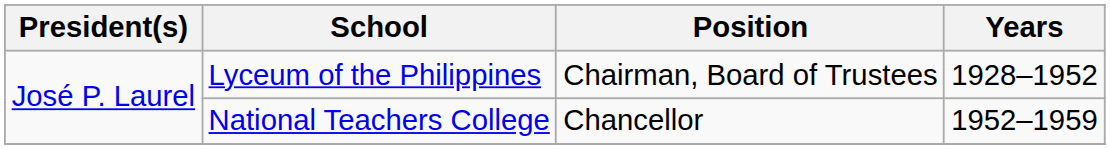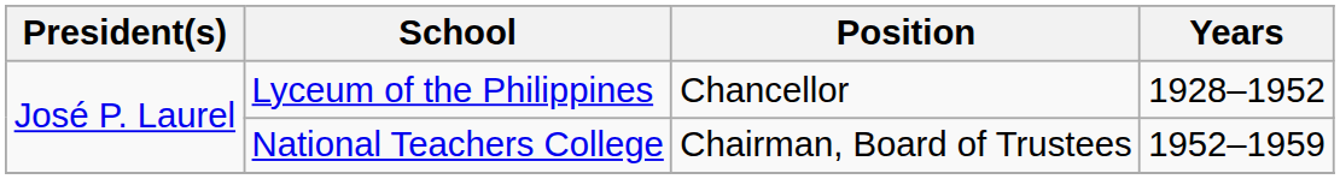 <table class="wikitable">
 <tr>
 <th>President(s)</th>
 <th>School</th>
 <th>Position</th>
 <th>Years</th>
 </tr>
 <tr>
 <td rowspan="2"><a href='#'>José P. Laurel</a></td>
 <td><a href='#'>Lyceum of the Philippines</a></td>
-<td>Chairman, Board of Trustees</td>
+<td>Chancellor</td>
 <td>1928–1952</td>
 </tr>
 <tr>
 <td><a href='#'>National Teachers College</a></td>
-<td>Chancellor</td>
+<td>Chairman, Board of Trustees</td>
 <td>1952–1959</td>
 </tr>
 <tr>
 </tr>
 </table>
